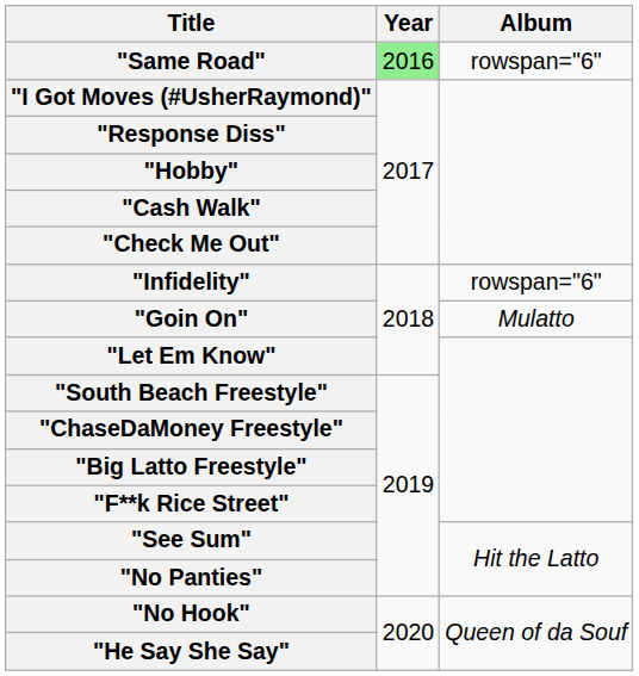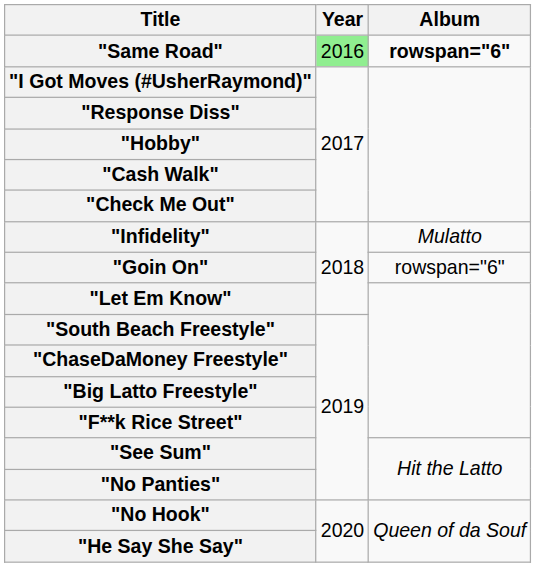 <table class="wikitable plainrowheaders" style="text-align:center;">
 <tr>
 <th scope="col">Title</th>
 <th scope="col">Year</th>
 <th scope="col">Album</th>
 </tr>
 <tr>
 <th scope="row">"Same Road"<br></th>
 <td style="background: lightgreen;">2016</td>
-<td>rowspan="6" </td>
+<td><strong>rowspan="6" </strong></td>
 </tr>
 <tr>
 <th scope="row">"I Got Moves (#UsherRaymond)" <br></th>
 <td rowspan="5">2017</td>
 </tr>
 <tr>
 <th scope="row">"Response Diss"</th>
 </tr>
 <tr>
 <th scope="row">"Hobby"<br></th>
 </tr>
 <tr>
 <th scope="row">"Cash Walk"<br></th>
 </tr>
 <tr>
 <th scope="row">"Check Me Out"</th>
 </tr>
 <tr>
 <th scope="row">"Infidelity"<br></th>
 <td rowspan="3">2018</td>
-<td>rowspan="6" </td>
+<td><em>Mulatto</em></td>
 </tr>
 <tr>
 <th scope="row">"Goin On"</th>
-<td><em>Mulatto</em></td>
+<td>rowspan="6" </td>
 </tr>
 <tr>
 <th scope="row">"Let Em Know"</th>
 </tr>
 <tr>
 <th scope="row">"South Beach Freestyle"</th>
 <td rowspan="6">2019</td>
 </tr>
 <tr>
 <th scope="row">"ChaseDaMoney Freestyle"</th>
 </tr>
 <tr>
 <th scope="row">"Big Latto Freestyle"</th>
 </tr>
 <tr>
 <th scope="row">"F**k Rice Street"</th>
 </tr>
 <tr>
 <th scope="row">"See Sum"</th>
 <td rowspan="2"><em>Hit the Latto</em></td>
 </tr>
 <tr>
 <th scope="row">"No Panties"</th>
 </tr>
 <tr>
 <th scope="row">"No Hook"</th>
 <td rowspan="2">2020</td>
 <td rowspan="2"><em>Queen of da Souf</em></td>
 </tr>
 <tr>
 <th scope="row">"He Say She Say"</th>
 </tr>
 </table>
